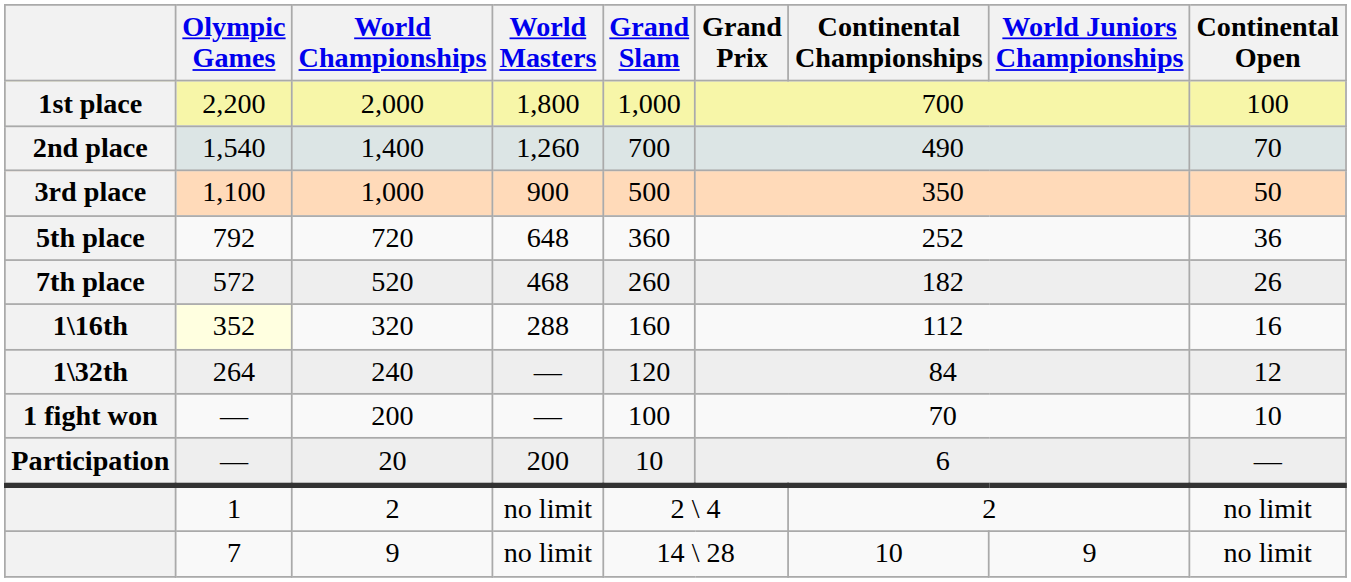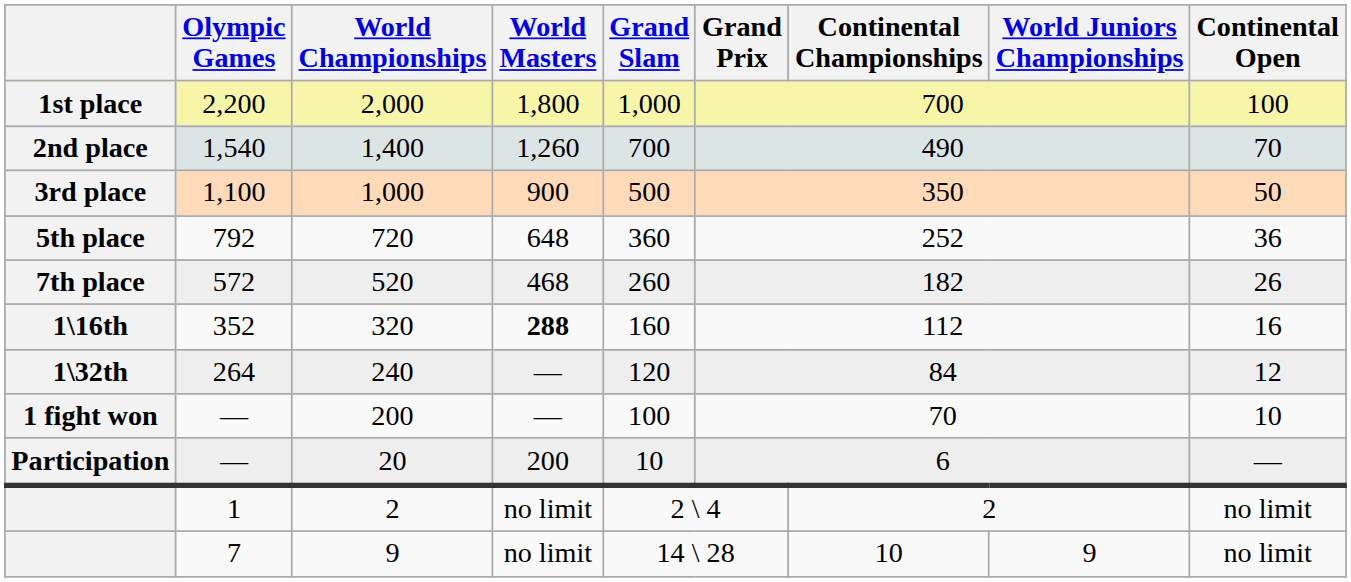 <table class="wikitable" style="text-align:center;">
 <tr>
 <th></th>
 <th><a href='#'>Olympic<br>Games</a></th>
 <th><a href='#'>World<br>Championships</a></th>
 <th><a href='#'>World<br>Masters</a></th>
 <th><a href='#'>Grand<br>Slam</a></th>
 <th>Grand<br>Prix</th>
 <th>Continental<br>Championships</th>
 <th><a href='#'>World Juniors<br>Championships</a></th>
 <th>Continental<br>Open</th>
 </tr>
 <tr bgcolor=F7F6A8>
 <th>1st place</th>
 <td>2,200</td>
 <td>2,000</td>
 <td>1,800</td>
 <td>1,000</td>
 <td colspan=3>700</td>
 <td>100</td>
 </tr>
 <tr bgcolor=DCE5E5>
 <th>2nd place</th>
 <td>1,540</td>
 <td>1,400</td>
 <td>1,260</td>
 <td>700</td>
 <td colspan=3>490</td>
 <td>70</td>
 </tr>
 <tr bgcolor=FFDAB9>
 <th>3rd place</th>
 <td>1,100</td>
 <td>1,000</td>
 <td>900</td>
 <td>500</td>
 <td colspan=3>350</td>
 <td>50</td>
 </tr>
 <tr>
 <th>5th place</th>
 <td>792</td>
 <td>720</td>
 <td>648</td>
 <td>360</td>
 <td colspan=3>252</td>
 <td>36</td>
 </tr>
 <tr bgcolor=EEEEEE>
 <th>7th place</th>
 <td>572</td>
 <td>520</td>
 <td>468</td>
 <td>260</td>
 <td colspan=3>182</td>
 <td>26</td>
 </tr>
 <tr>
 <th>1\16th</th>
-<td style="background: lightyellow;">352</td>
+<td>352</td>
 <td>320</td>
-<td>288</td>
+<td><strong>288</strong></td>
 <td>160</td>
 <td colspan=3>112</td>
 <td>16</td>
 </tr>
 <tr bgcolor=EEEEEE>
 <th>1\32th</th>
 <td>264</td>
 <td>240</td>
 <td>—</td>
 <td>120</td>
 <td colspan=3>84</td>
 <td>12</td>
 </tr>
 <tr>
 <th>1 fight won</th>
 <td>—</td>
 <td>200</td>
 <td>—</td>
 <td>100</td>
 <td colspan=3>70</td>
 <td>10</td>
 </tr>
 <tr bgcolor=EEEEEE>
 <th>Participation</th>
 <td>—</td>
 <td>20</td>
 <td>200</td>
 <td>10</td>
 <td colspan=3>6</td>
 <td>—</td>
 </tr>
 <tr style="border-top: 3px solid #333333;">
 <th></th>
 <td>1</td>
 <td>2</td>
 <td>no limit</td>
 <td colspan=2>2 \ 4</td>
 <td colspan=2>2</td>
 <td>no limit</td>
 </tr>
 <tr>
 <th></th>
 <td>7</td>
 <td>9</td>
 <td>no limit</td>
 <td colspan=2>14 \ 28</td>
 <td>10</td>
 <td>9</td>
 <td>no limit</td>
 </tr>
 </table>
